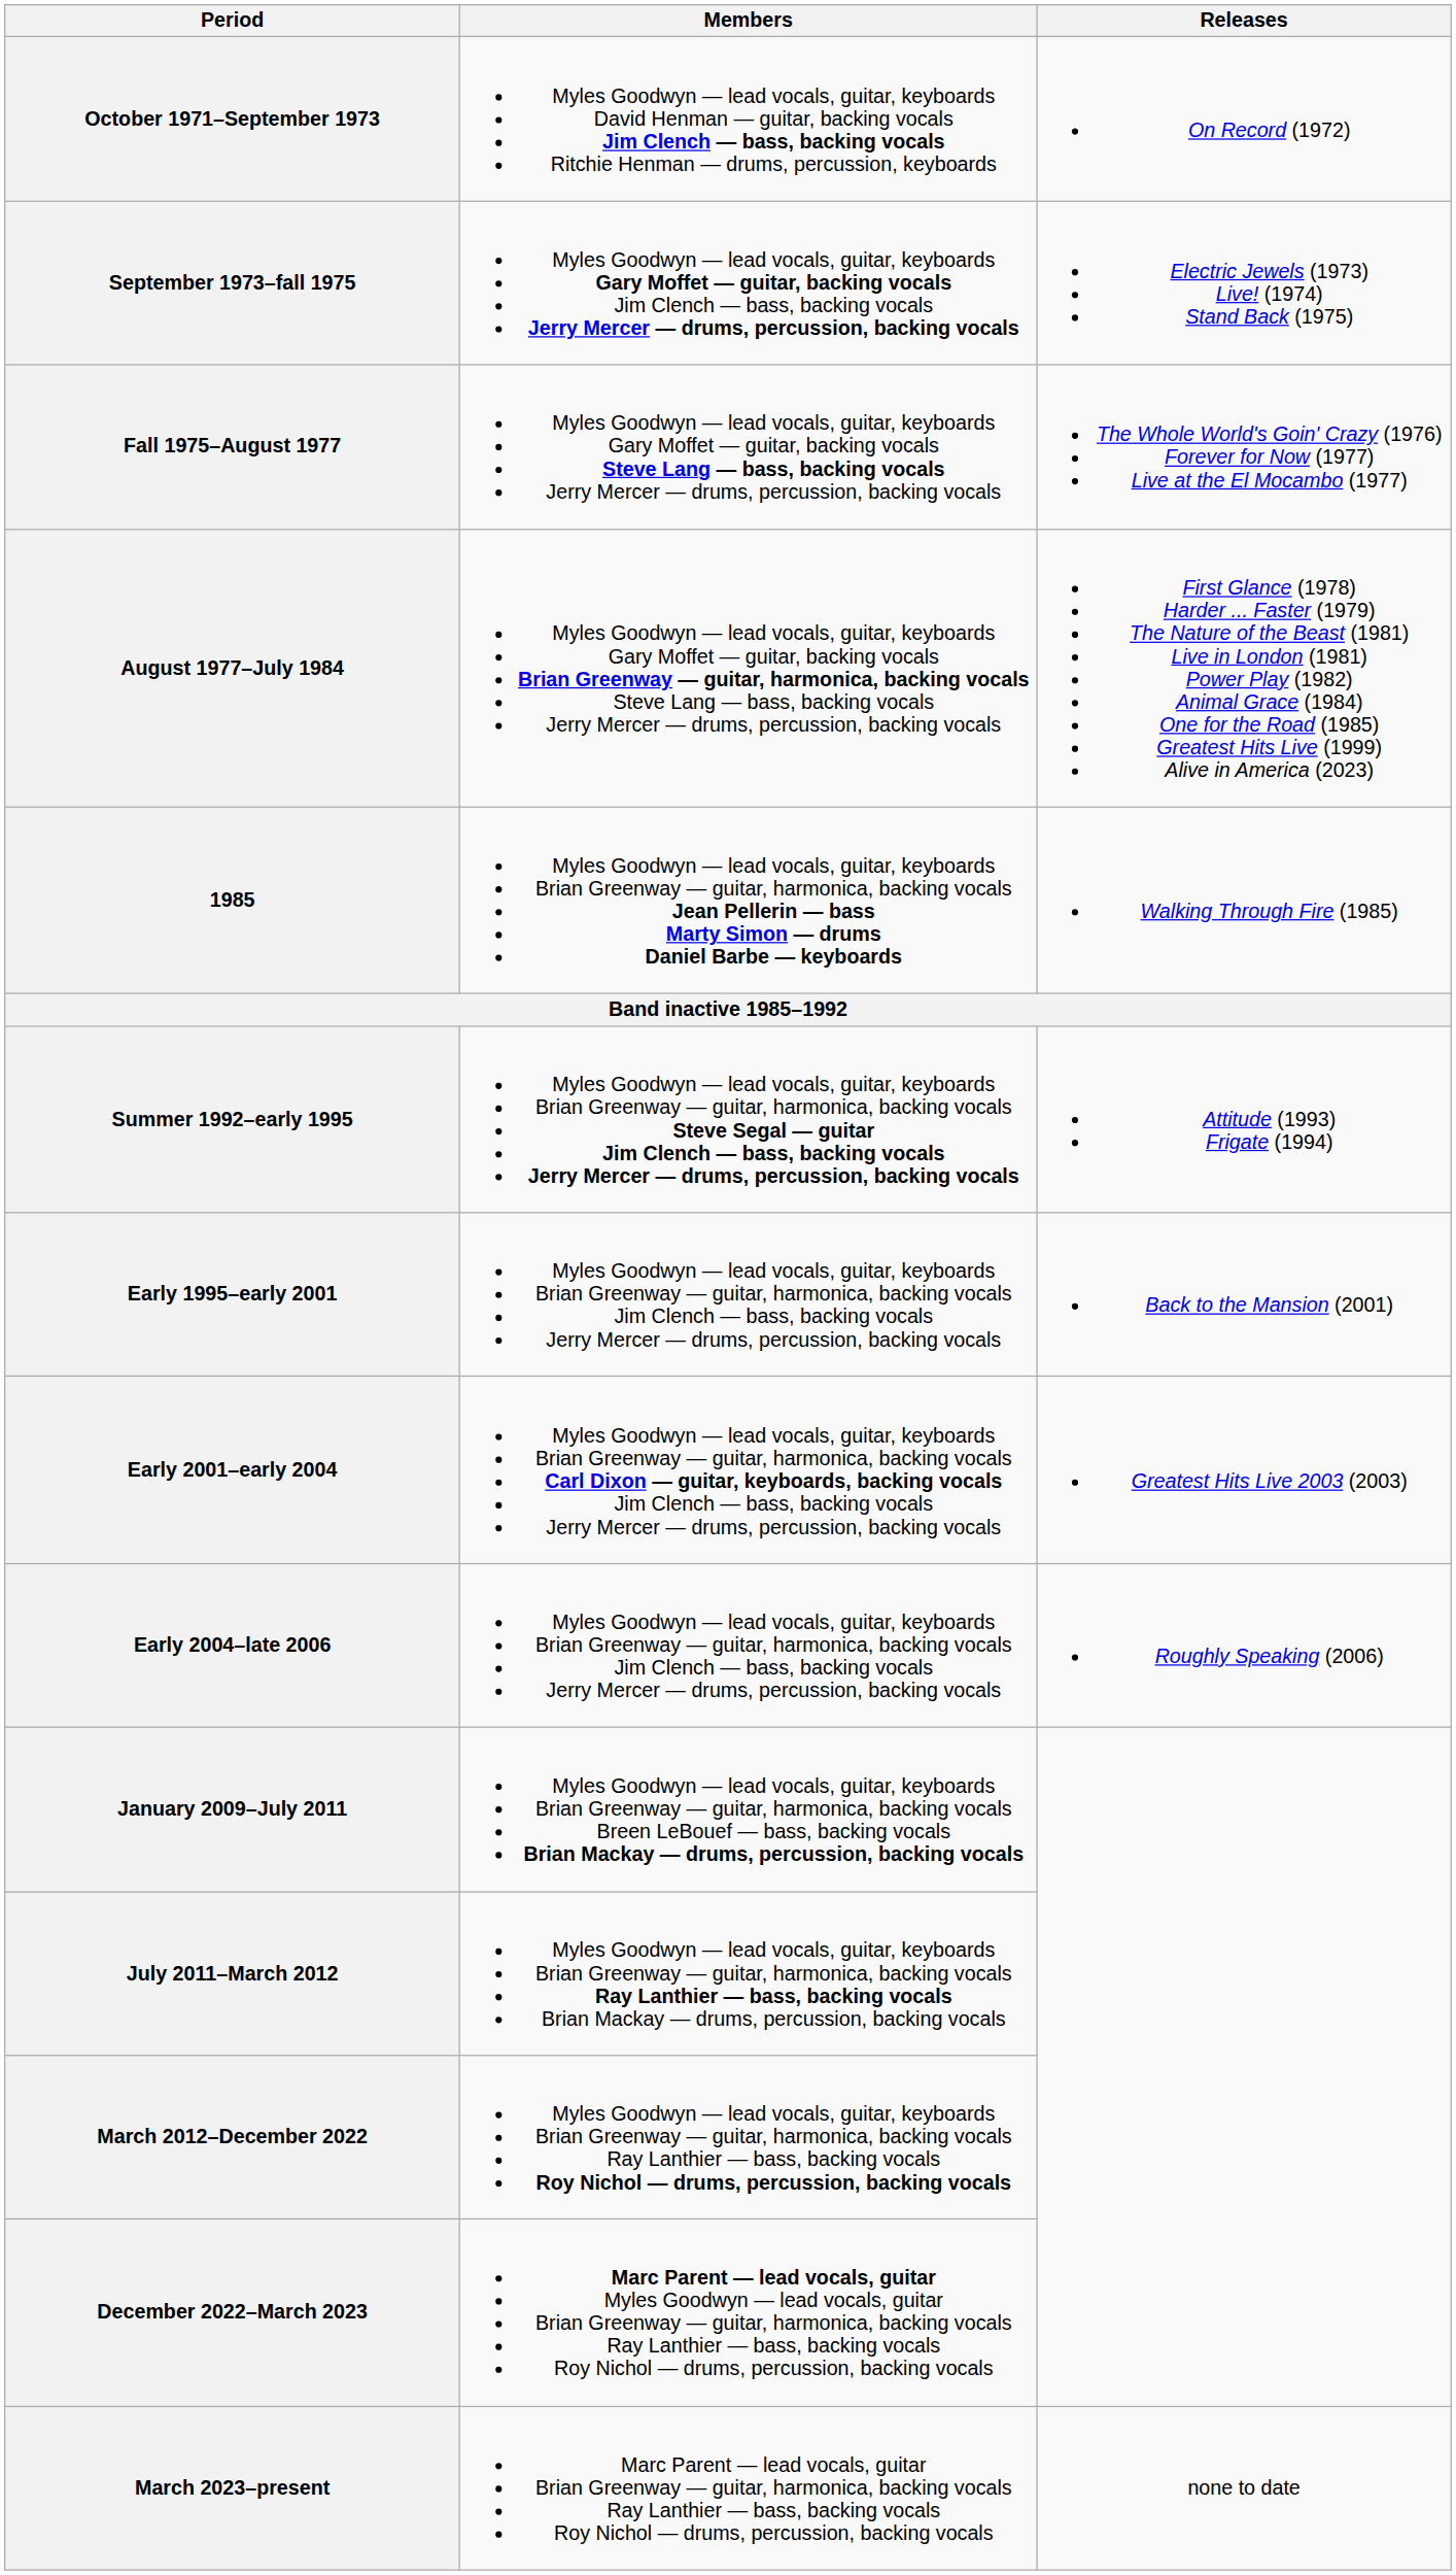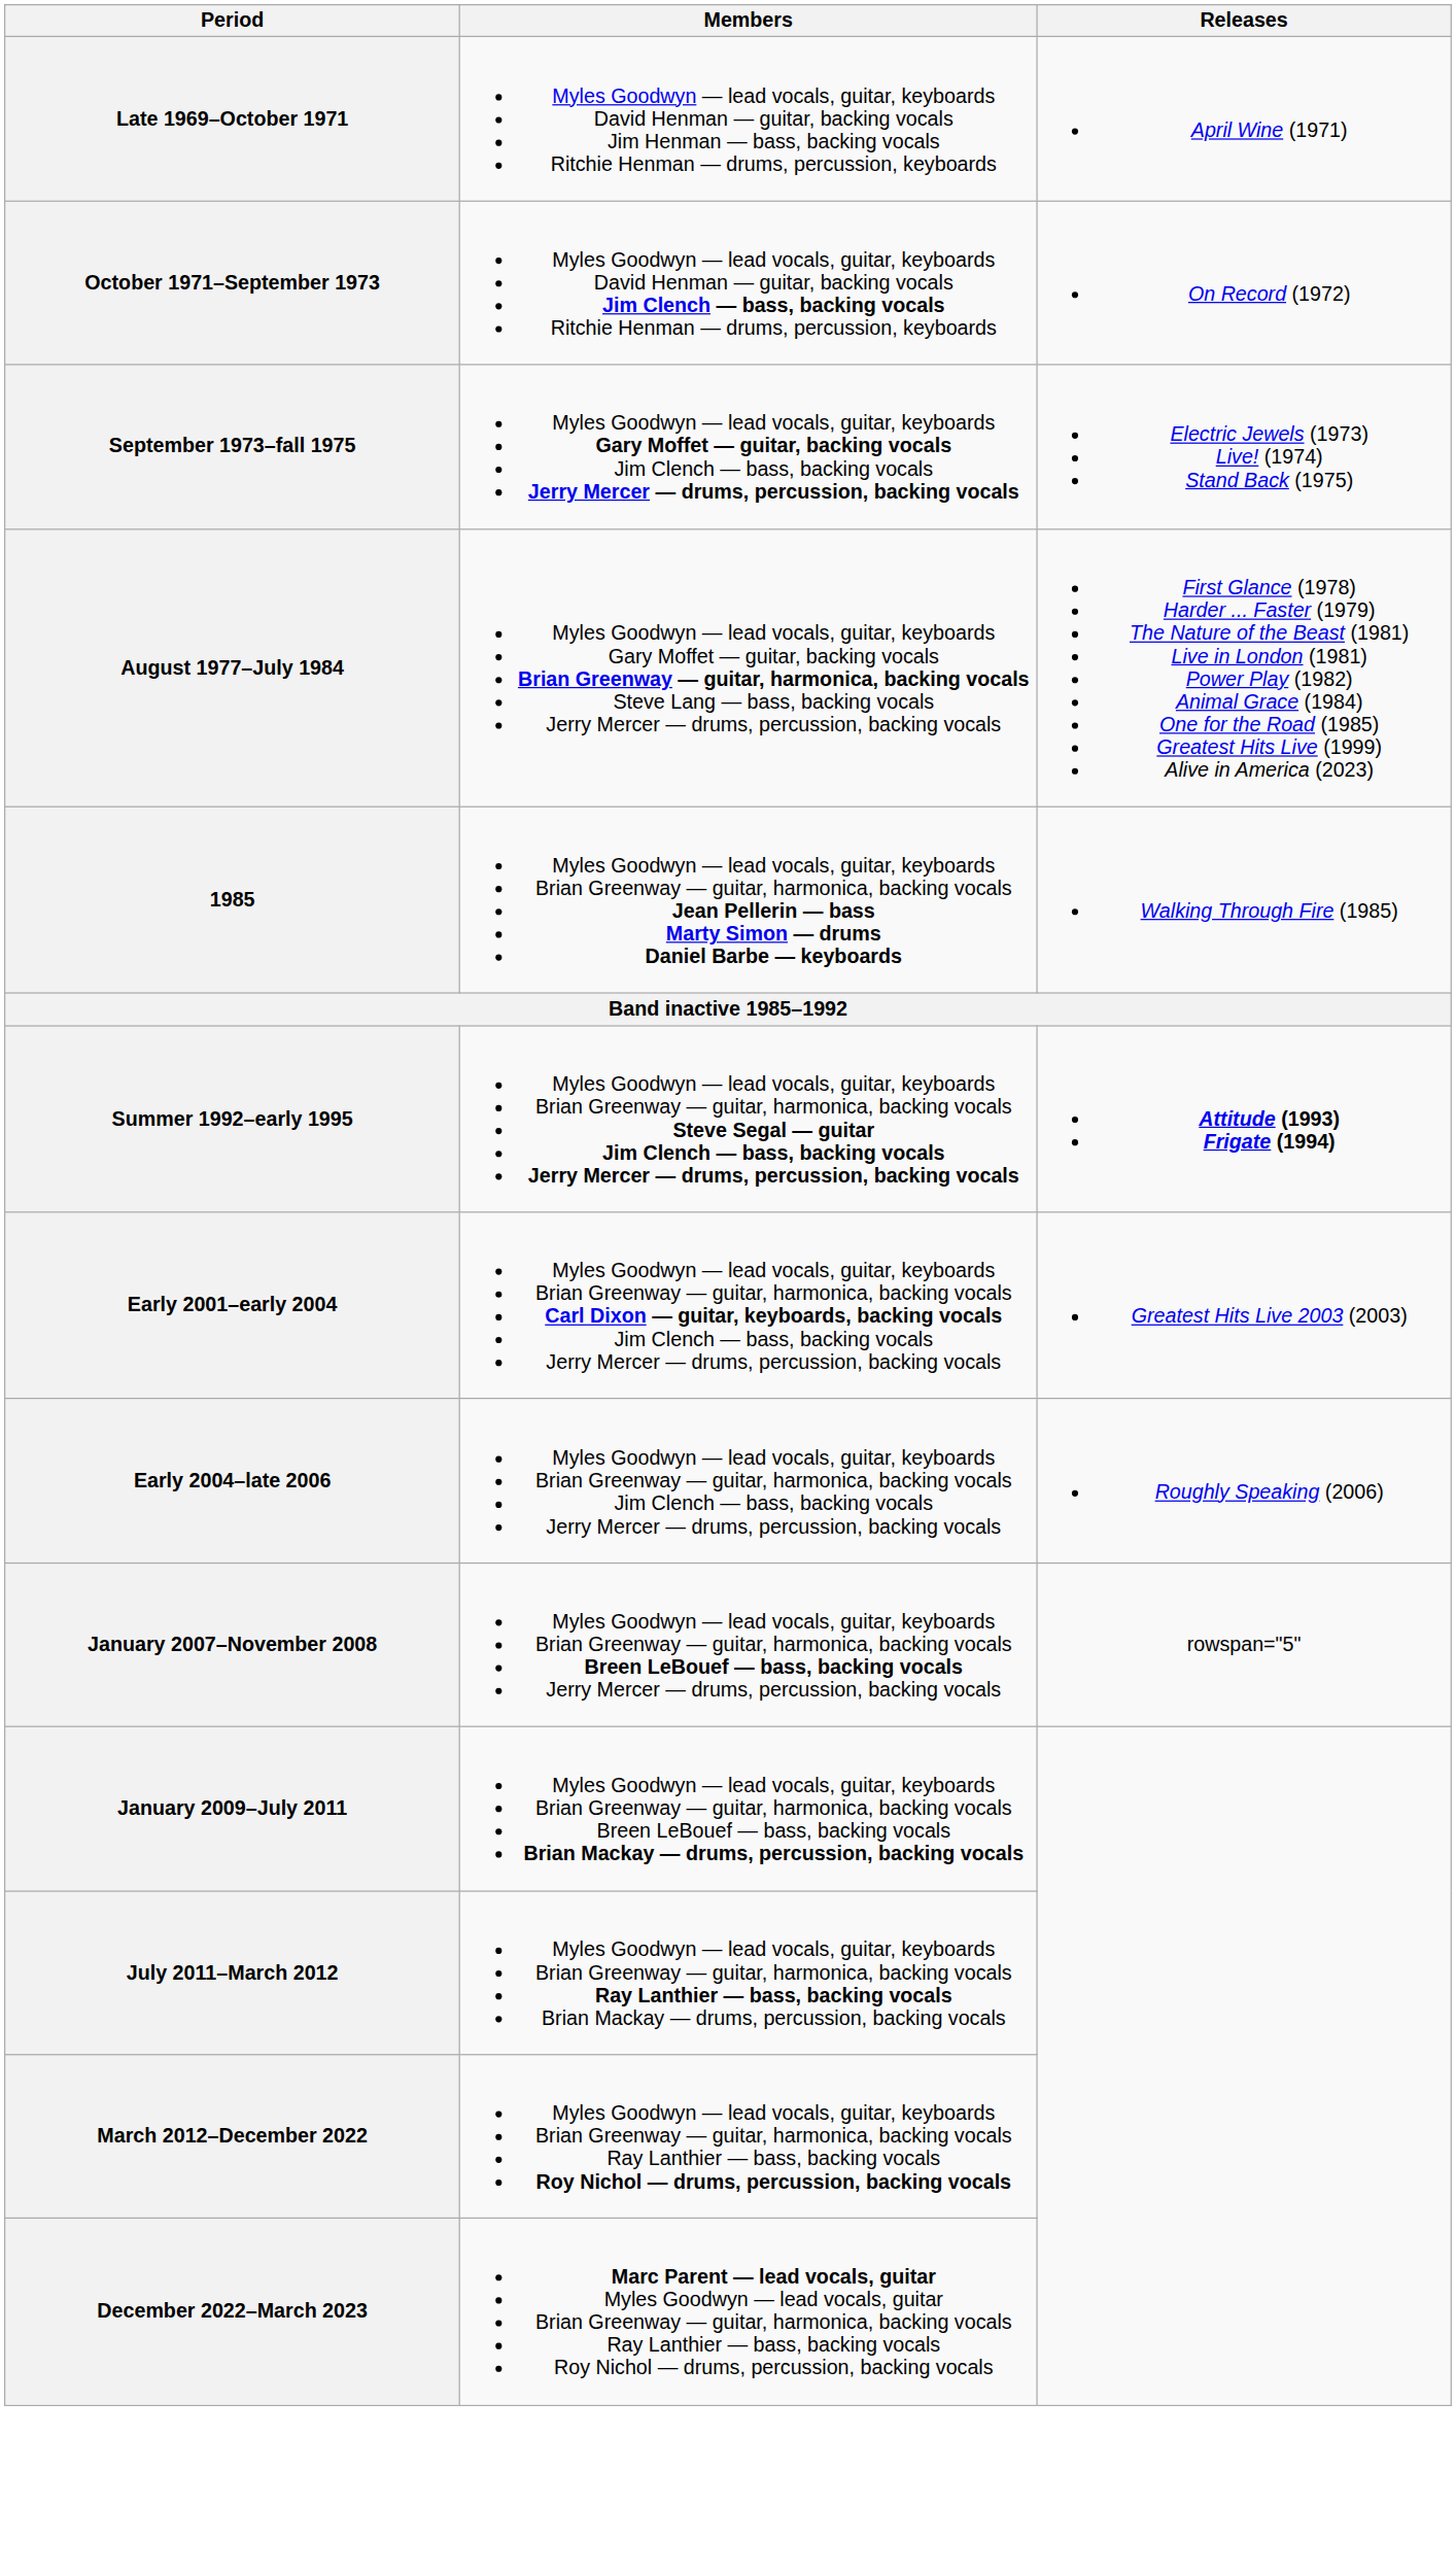 <table class="wikitable plainrowheaders" style="text-align:center;">
 <tr>
 <th scope="col" style="width:22em;">Period</th>
 <th scope="col" style="width:28em;">Members</th>
 <th scope="col" style="width:20em;">Releases</th>
+</tr>
+<tr>
+<th scope="col">Late 1969–October 1971</th>
+<td><br><ul><li><a href='#'>Myles Goodwyn</a> — lead vocals, guitar, keyboards</li><li>David Henman — guitar, backing vocals</li><li>Jim Henman — bass, backing vocals</li><li>Ritchie Henman — drums, percussion, keyboards</li></ul></td>
+<td><br><ul><li><em><a href='#'>April Wine</a></em> (1971)</li></ul></td>
 </tr>
 <tr>
 <th scope="col">October 1971–September 1973</th>
 <td><br><ul><li>Myles Goodwyn — lead vocals, guitar, keyboards</li><li>David Henman — guitar, backing vocals</li><li><strong><a href='#'>Jim Clench</a> — bass, backing vocals</strong></li><li>Ritchie Henman — drums, percussion, keyboards</li></ul></td>
 <td><br><ul><li><em><a href='#'>On Record</a></em> (1972)</li></ul></td>
 </tr>
 <tr>
 <th scope="col">September 1973–fall 1975</th>
 <td><br><ul><li>Myles Goodwyn — lead vocals, guitar, keyboards</li><li><strong>Gary Moffet — guitar, backing vocals</strong></li><li>Jim Clench — bass, backing vocals</li><li><strong><a href='#'>Jerry Mercer</a> — drums, percussion, backing vocals</strong></li></ul></td>
 <td><br><ul><li><em><a href='#'>Electric Jewels</a></em> (1973)</li><li><em><a href='#'>Live!</a></em> (1974)</li><li><em><a href='#'>Stand Back</a></em> (1975)</li></ul></td>
-</tr>
-<tr>
-<th scope="col">Fall 1975–August 1977</th>
-<td><br><ul><li>Myles Goodwyn — lead vocals, guitar, keyboards</li><li>Gary Moffet — guitar, backing vocals</li><li><strong><a href='#'>Steve Lang</a> — bass, backing vocals</strong></li><li>Jerry Mercer — drums, percussion, backing vocals</li></ul></td>
-<td><br><ul><li><em><a href='#'>The Whole World's Goin' Crazy</a></em> (1976)</li><li><em><a href='#'>Forever for Now</a></em> (1977)</li><li><em><a href='#'>Live at the El Mocambo</a></em> (1977)</li></ul></td>
 </tr>
 <tr>
 <th scope="col">August 1977–July 1984</th>
 <td><br><ul><li>Myles Goodwyn — lead vocals, guitar, keyboards</li><li>Gary Moffet — guitar, backing vocals</li><li><strong><a href='#'>Brian Greenway</a> — guitar, harmonica, backing vocals</strong></li><li>Steve Lang — bass, backing vocals</li><li>Jerry Mercer — drums, percussion, backing vocals</li></ul></td>
 <td><br><ul><li><em><a href='#'>First Glance</a></em> (1978)</li><li><em><a href='#'>Harder ... Faster</a></em> (1979)</li><li><em><a href='#'>The Nature of the Beast</a></em> (1981)</li><li><em><a href='#'>Live in London</a></em> (1981)</li><li><em><a href='#'>Power Play</a></em> (1982)</li><li><em><a href='#'>Animal Grace</a></em> (1984)</li><li><em><a href='#'>One for the Road</a></em> (1985)</li><li><em><a href='#'>Greatest Hits Live</a></em> (1999)</li><li><em>Alive in America</em> (2023)</li></ul></td>
 </tr>
 <tr>
 <th scope="col">1985<br></th>
 <td><br><ul><li>Myles Goodwyn — lead vocals, guitar, keyboards</li><li>Brian Greenway — guitar, harmonica, backing vocals</li><li><strong>Jean Pellerin — bass</strong> </li><li><strong><a href='#'>Marty Simon</a> — drums</strong> </li><li><strong>Daniel Barbe — keyboards</strong> </li></ul></td>
 <td><br><ul><li><em><a href='#'>Walking Through Fire</a></em> (1985)</li></ul></td>
 </tr>
 <tr>
 <th scope="col" colspan="3">Band inactive 1985–1992</th>
 </tr>
 <tr>
 <th scope="col">Summer 1992–early 1995</th>
 <td><br><ul><li>Myles Goodwyn — lead vocals, guitar, keyboards</li><li>Brian Greenway — guitar, harmonica, backing vocals</li><li><strong>Steve Segal — guitar</strong></li><li><strong>Jim Clench — bass, backing vocals</strong></li><li><strong>Jerry Mercer — drums, percussion, backing vocals</strong></li></ul></td>
-<td><br><ul><li><em><a href='#'>Attitude</a></em> (1993)</li><li><em><a href='#'>Frigate</a></em> (1994)</li></ul></td>
-</tr>
-<tr>
-<th scope="col">Early 1995–early 2001</th>
-<td><br><ul><li>Myles Goodwyn — lead vocals, guitar, keyboards</li><li>Brian Greenway — guitar, harmonica, backing vocals</li><li>Jim Clench — bass, backing vocals</li><li>Jerry Mercer — drums, percussion, backing vocals</li></ul></td>
-<td><br><ul><li><em><a href='#'>Back to the Mansion</a></em> (2001)</li></ul></td>
+<td><strong><br><ul><li><em><a href='#'>Attitude</a></em> (1993)</li><li><em><a href='#'>Frigate</a></em> (1994)</li></ul></strong></td>
 </tr>
 <tr>
 <th scope="col">Early 2001–early 2004</th>
 <td><br><ul><li>Myles Goodwyn — lead vocals, guitar, keyboards</li><li>Brian Greenway — guitar, harmonica, backing vocals</li><li><strong><a href='#'>Carl Dixon</a> — guitar, keyboards, backing vocals</strong></li><li>Jim Clench — bass, backing vocals</li><li>Jerry Mercer — drums, percussion, backing vocals</li></ul></td>
 <td><br><ul><li><em><a href='#'>Greatest Hits Live 2003</a></em> (2003)</li></ul></td>
 </tr>
 <tr>
 <th scope="col">Early 2004–late 2006</th>
 <td><br><ul><li>Myles Goodwyn — lead vocals, guitar, keyboards</li><li>Brian Greenway — guitar, harmonica, backing vocals</li><li>Jim Clench — bass, backing vocals</li><li>Jerry Mercer — drums, percussion, backing vocals</li></ul></td>
 <td><br><ul><li><em><a href='#'>Roughly Speaking</a></em> (2006)</li></ul></td>
+</tr>
+<tr>
+<th scope="col">January 2007–November 2008</th>
+<td><br><ul><li>Myles Goodwyn — lead vocals, guitar, keyboards</li><li>Brian Greenway — guitar, harmonica, backing vocals</li><li><strong>Breen LeBouef — bass, backing vocals</strong></li><li>Jerry Mercer — drums, percussion, backing vocals</li></ul></td>
+<td>rowspan="5" </td>
 </tr>
 <tr>
 <th scope="col">January 2009–July 2011</th>
 <td><br><ul><li>Myles Goodwyn — lead vocals, guitar, keyboards</li><li>Brian Greenway — guitar, harmonica, backing vocals</li><li>Breen LeBouef — bass, backing vocals</li><li><strong>Brian Mackay — drums, percussion, backing vocals</strong></li></ul></td>
 </tr>
 <tr>
 <th scope="col">July 2011–March 2012</th>
 <td><br><ul><li>Myles Goodwyn — lead vocals, guitar, keyboards</li><li>Brian Greenway — guitar, harmonica, backing vocals</li><li><strong>Ray Lanthier — bass, backing vocals</strong></li><li>Brian Mackay — drums, percussion, backing vocals</li></ul></td>
 </tr>
 <tr>
 <th scope="col">March 2012–December 2022</th>
 <td><br><ul><li>Myles Goodwyn — lead vocals, guitar, keyboards</li><li>Brian Greenway — guitar, harmonica, backing vocals</li><li>Ray Lanthier — bass, backing vocals</li><li><strong>Roy Nichol — drums, percussion, backing vocals</strong></li></ul></td>
 </tr>
 <tr>
 <th scope="col">December 2022–March 2023</th>
 <td><br><ul><li><strong>Marc Parent — lead vocals, guitar</strong></li><li>Myles Goodwyn — lead vocals, guitar </li><li>Brian Greenway — guitar, harmonica, backing vocals</li><li>Ray Lanthier — bass, backing vocals</li><li>Roy Nichol — drums, percussion, backing vocals</li></ul></td>
 </tr>
-<tr>
-<th scope="col">March 2023–present</th>
-<td><br><ul><li>Marc Parent — lead vocals, guitar</li><li>Brian Greenway — guitar, harmonica, backing vocals</li><li>Ray Lanthier — bass, backing vocals</li><li>Roy Nichol — drums, percussion, backing vocals</li></ul></td>
-<td>none to date</td>
-</tr>
 </table>
